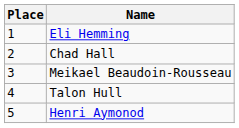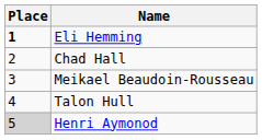 <table class="wikitable">
 <tr>
 <th>Place</th>
 <th>Name</th>
 </tr>
 <tr>
-<td>1</td>
+<td><strong>1</strong></td>
 <td> <a href='#'>Eli Hemming</a></td>
 </tr>
 <tr>
 <td>2</td>
 <td> Chad Hall</td>
 </tr>
 <tr>
 <td>3</td>
 <td> Meikael Beaudoin-Rousseau</td>
 </tr>
 <tr>
 <td>4</td>
 <td> Talon Hull</td>
 </tr>
 <tr>
-<td>5</td>
+<td style="background: lightgrey;">5</td>
 <td> <a href='#'>Henri Aymonod</a></td>
 </tr>
 </table>
